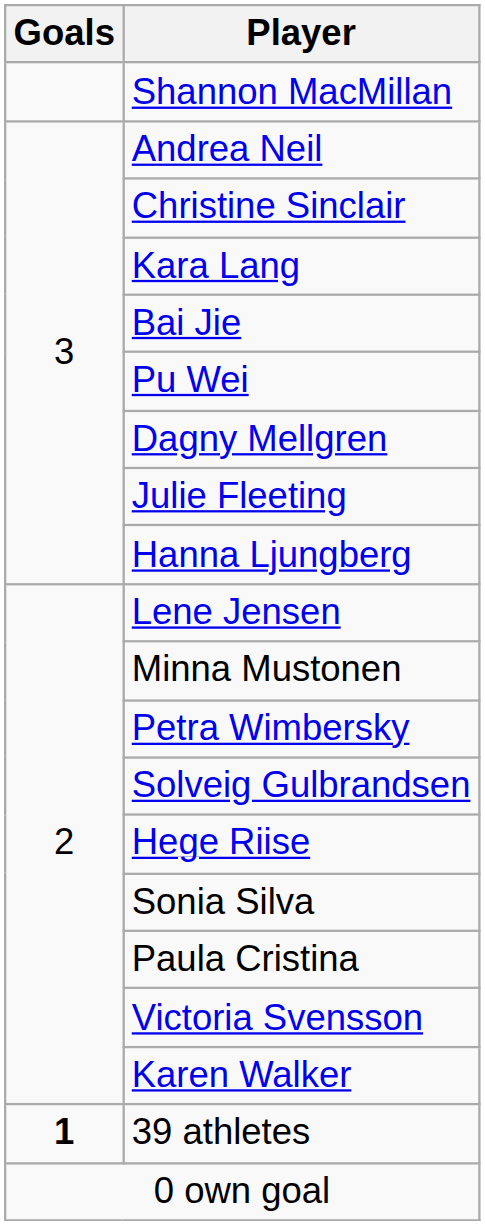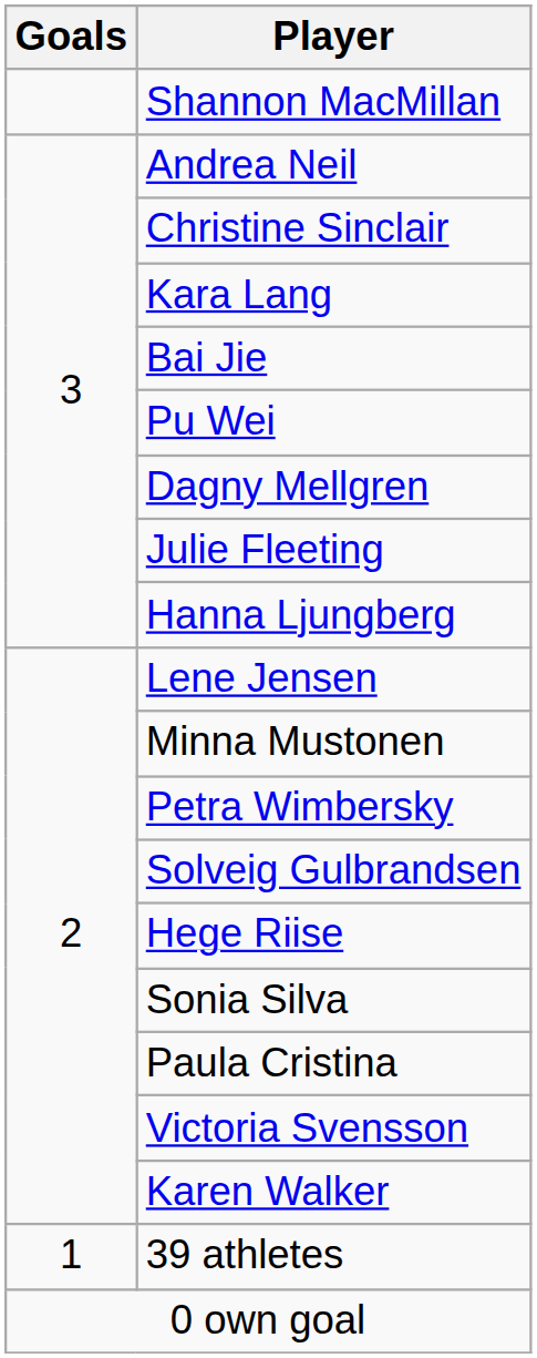 <table class="wikitable">
 <tr>
 <th>Goals<br></th>
 <th>Player</th>
 </tr>
 <tr>
 <td></td>
 <td> <a href='#'>Shannon MacMillan</a></td>
 </tr>
 <tr>
 <td rowspan=8 align=center>3</td>
 <td> <a href='#'>Andrea Neil</a></td>
 </tr>
 <tr>
 <td> <a href='#'>Christine Sinclair</a></td>
 </tr>
 <tr>
 <td> <a href='#'>Kara Lang</a></td>
 </tr>
 <tr>
 <td> <a href='#'>Bai Jie</a></td>
 </tr>
 <tr>
 <td> <a href='#'>Pu Wei</a></td>
 </tr>
 <tr>
 <td> <a href='#'>Dagny Mellgren</a></td>
 </tr>
 <tr>
 <td> <a href='#'>Julie Fleeting</a></td>
 </tr>
 <tr>
 <td> <a href='#'>Hanna Ljungberg</a></td>
 </tr>
 <tr>
 <td rowspan=9 align=center>2</td>
 <td> <a href='#'>Lene Jensen</a></td>
 </tr>
 <tr>
 <td> Minna Mustonen</td>
 </tr>
 <tr>
 <td> <a href='#'>Petra Wimbersky</a></td>
 </tr>
 <tr>
 <td> <a href='#'>Solveig Gulbrandsen</a></td>
 </tr>
 <tr>
 <td> <a href='#'>Hege Riise</a></td>
 </tr>
 <tr>
 <td> Sonia Silva</td>
 </tr>
 <tr>
 <td> Paula Cristina</td>
 </tr>
 <tr>
 <td> <a href='#'>Victoria Svensson</a></td>
 </tr>
 <tr>
 <td> <a href='#'>Karen Walker</a></td>
 </tr>
 <tr>
-<td align=center><strong>1</strong></td>
+<td align=center>1</td>
 <td>39 athletes</td>
 </tr>
 <tr>
 <td colspan=2 align=center>0 own goal</td>
 </tr>
 </table>
